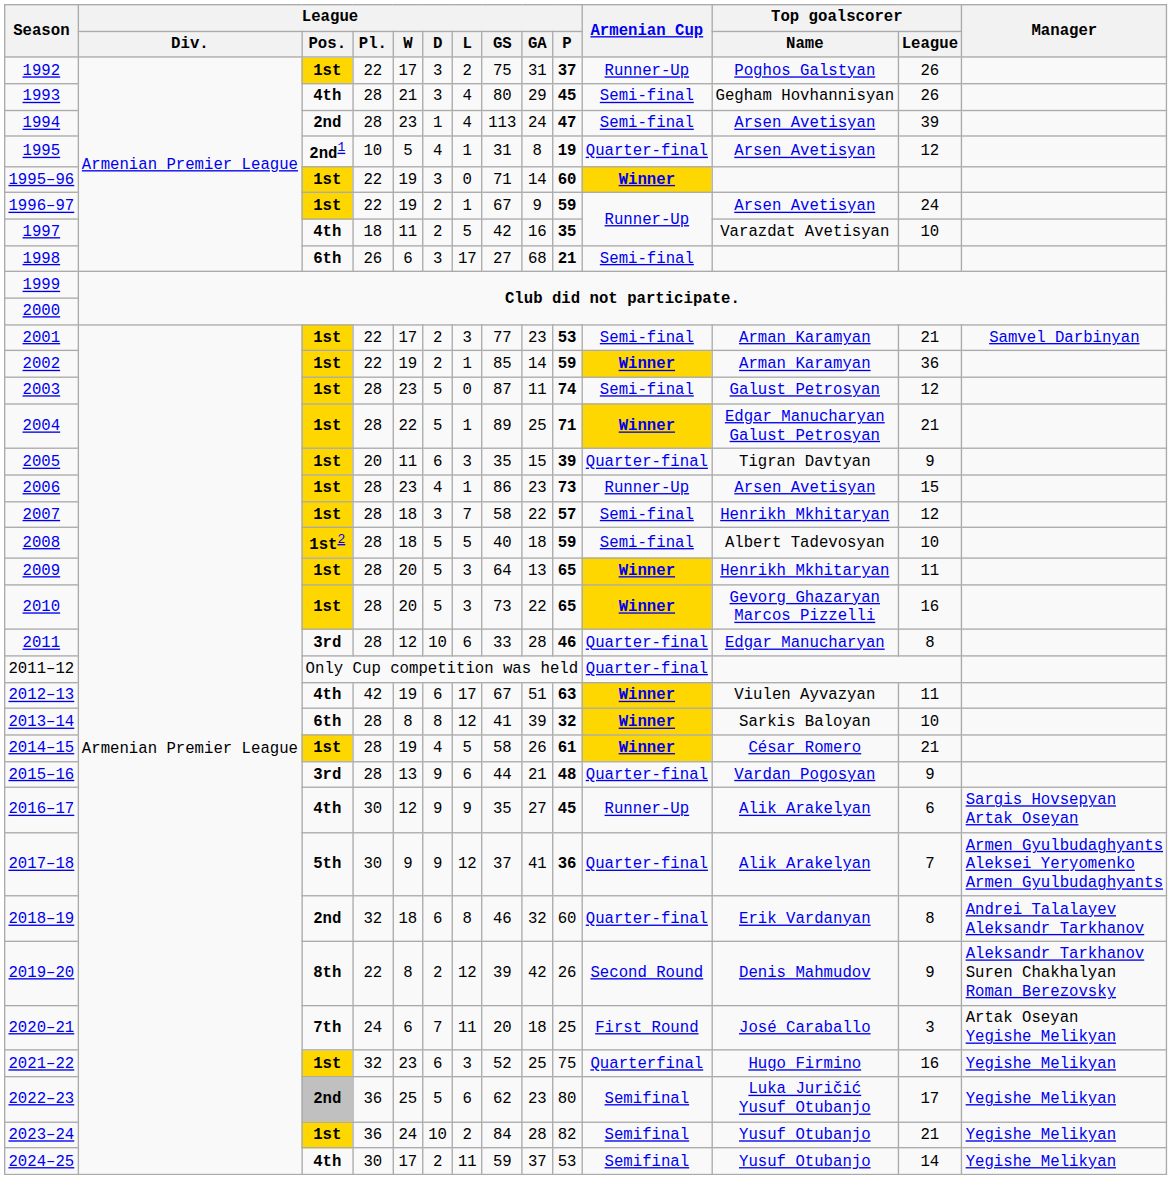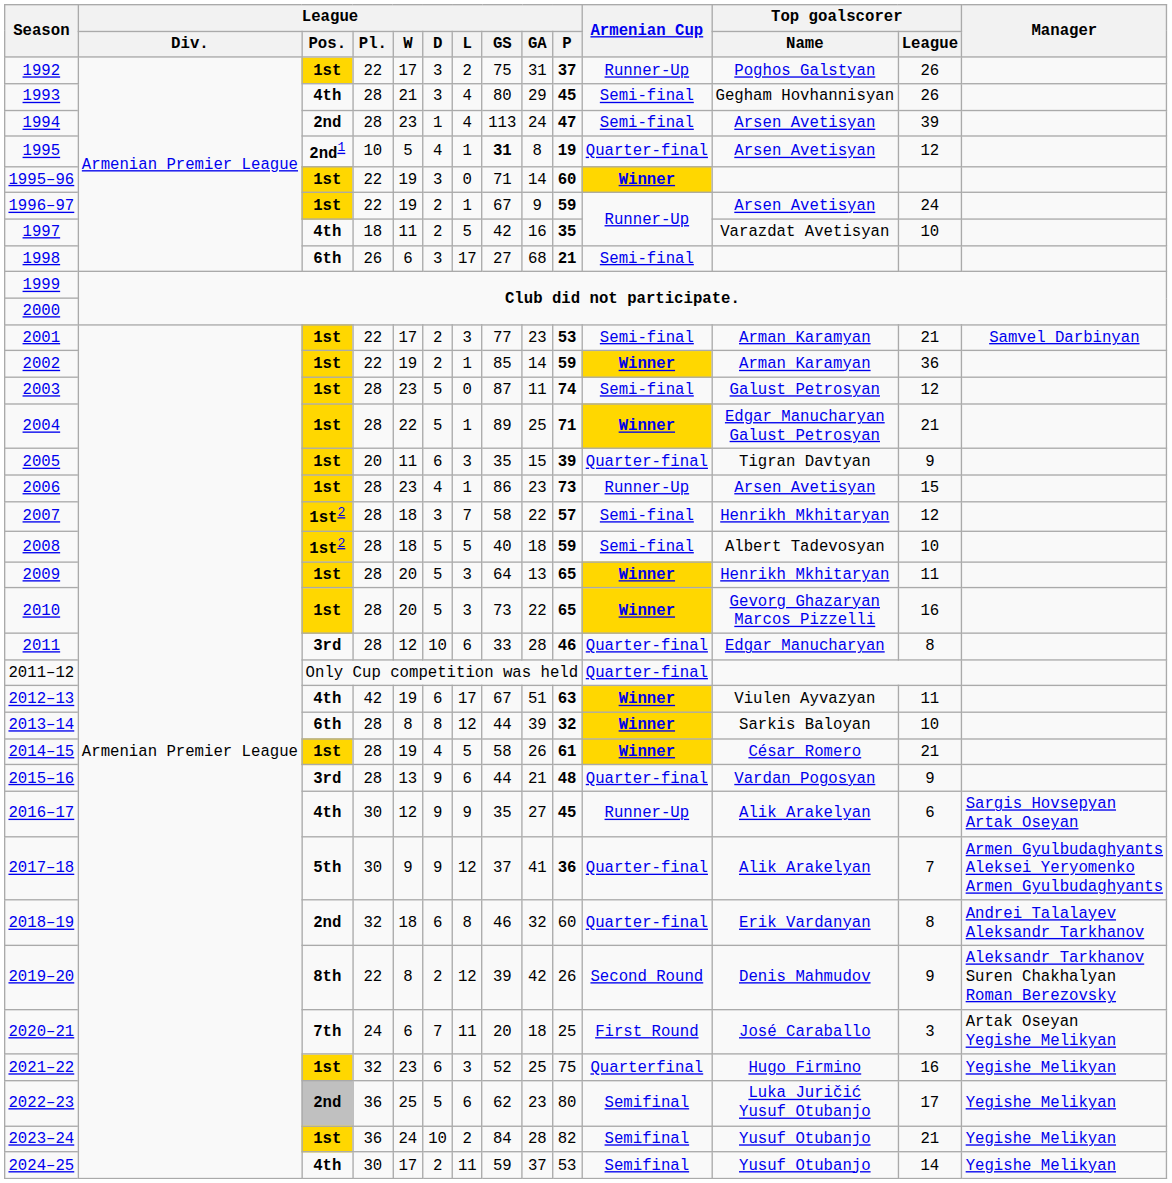 <table class="wikitable mw-collapsible mw-collapsed" align=center cellspacing="0" cellpadding="3" style="border:1px solid #AAAAAA;font-size:90%">
 <tr style="background:#efefef;">
 <th rowspan="2">Season</th>
 <th colspan="9">League</th>
 <th rowspan="2"><a href='#'>Armenian Cup</a></th>
 <th colspan="2">Top goalscorer</th>
 <th rowspan="2">Manager</th>
 </tr>
 <tr>
 <th>Div.</th>
 <th>Pos.</th>
 <th>Pl.</th>
 <th>W</th>
 <th>D</th>
 <th>L</th>
 <th>GS</th>
 <th>GA</th>
 <th>P</th>
 <th>Name</th>
 <th>League</th>
 </tr>
 <tr>
 <td align=center><a href='#'>1992</a></td>
 <td rowspan="8"><a href='#'>Armenian Premier League</a></td>
 <td style="text-align:center; background:gold;"><strong>1st</strong></td>
 <td align=center>22</td>
 <td align=center>17</td>
 <td align=center>3</td>
 <td align=center>2</td>
 <td align=center>75</td>
 <td align=center>31</td>
 <td align=center><strong>37</strong></td>
 <td align=center><a href='#'>Runner-Up</a></td>
 <td align=center><a href='#'>Poghos Galstyan</a></td>
 <td align=center>26</td>
 <td align=center></td>
 </tr>
 <tr>
 <td align=center><a href='#'>1993</a></td>
 <td align=center><strong>4th</strong></td>
 <td align=center>28</td>
 <td align=center>21</td>
 <td align=center>3</td>
 <td align=center>4</td>
 <td align=center>80</td>
 <td align=center>29</td>
 <td align=center><strong>45</strong></td>
 <td align=center><a href='#'>Semi-final</a></td>
 <td align=center>Gegham Hovhannisyan</td>
 <td align=center>26</td>
 <td align=center></td>
 </tr>
 <tr>
 <td align=center><a href='#'>1994</a></td>
 <td align=center><strong>2nd</strong></td>
 <td align=center>28</td>
 <td align=center>23</td>
 <td align=center>1</td>
 <td align=center>4</td>
 <td align=center>113</td>
 <td align=center>24</td>
 <td align=center><strong>47</strong></td>
 <td align=center><a href='#'>Semi-final</a></td>
 <td align=center><a href='#'>Arsen Avetisyan</a></td>
 <td align=center>39</td>
 <td align=center></td>
 </tr>
 <tr>
 <td align=center><a href='#'>1995</a></td>
 <td align=center><strong>2nd</strong><sup><a href='#'>1</a></sup></td>
 <td align=center>10</td>
 <td align=center>5</td>
 <td align=center>4</td>
 <td align=center>1</td>
-<td align=center>31</td>
+<td align=center><strong>31</strong></td>
 <td align=center>8</td>
 <td align=center><strong>19</strong></td>
 <td align=center><a href='#'>Quarter-final</a></td>
 <td align=center><a href='#'>Arsen Avetisyan</a></td>
 <td align=center>12</td>
 <td align=center></td>
 </tr>
 <tr>
 <td align=center><a href='#'>1995–96</a></td>
 <td style="text-align:center; background:gold;"><strong>1st</strong></td>
 <td align=center>22</td>
 <td align=center>19</td>
 <td align=center>3</td>
 <td align=center>0</td>
 <td align=center>71</td>
 <td align=center>14</td>
 <td align=center><strong>60</strong></td>
 <td style="text-align:center; background:gold;"><strong><a href='#'>Winner</a></strong></td>
 <td align=center></td>
 <td align=center></td>
 <td align=center></td>
 </tr>
 <tr>
 <td align=center><a href='#'>1996–97</a></td>
 <td style="text-align:center; background:gold;"><strong>1st</strong></td>
 <td align=center>22</td>
 <td align=center>19</td>
 <td align=center>2</td>
 <td align=center>1</td>
 <td align=center>67</td>
 <td align=center>9</td>
 <td align=center><strong>59</strong></td>
 <td rowspan="2" align=center><a href='#'>Runner-Up</a></td>
 <td align=center><a href='#'>Arsen Avetisyan</a></td>
 <td align=center>24</td>
 <td align=center></td>
 </tr>
 <tr>
 <td align=center><a href='#'>1997</a></td>
 <td align=center><strong>4th</strong></td>
 <td align=center>18</td>
 <td align=center>11</td>
 <td align=center>2</td>
 <td align=center>5</td>
 <td align=center>42</td>
 <td align=center>16</td>
 <td align=center><strong>35</strong></td>
 <td align=center>Varazdat Avetisyan</td>
 <td align=center>10</td>
 <td align=center></td>
 </tr>
 <tr>
 <td align=center><a href='#'>1998</a></td>
 <td align=center><strong>6th</strong></td>
 <td align=center>26</td>
 <td align=center>6</td>
 <td align=center>3</td>
 <td align=center>17</td>
 <td align=center>27</td>
 <td align=center>68</td>
 <td align=center><strong>21</strong></td>
 <td align=center><a href='#'>Semi-final</a></td>
 <td align=center></td>
 <td align=center></td>
 <td align=center></td>
 </tr>
 <tr>
 <td align=center><a href='#'>1999</a></td>
 <td rowspan="2" colspan="13" style="text-align:center"><strong>Club did not participate.</strong></td>
 </tr>
 <tr>
 <td align=center><a href='#'>2000</a></td>
 </tr>
 <tr>
 <td align=center><a href='#'>2001</a></td>
 <td rowspan="25">Armenian Premier League</td>
 <td style="text-align:center; background:gold;"><strong>1st</strong></td>
 <td align=center>22</td>
 <td align=center>17</td>
 <td align=center>2</td>
 <td align=center>3</td>
 <td align=center>77</td>
 <td align=center>23</td>
 <td align=center><strong>53</strong></td>
 <td align=center><a href='#'>Semi-final</a></td>
 <td align=center><a href='#'>Arman Karamyan</a></td>
 <td align=center>21</td>
 <td align=center> <a href='#'>Samvel Darbinyan</a></td>
 </tr>
 <tr>
 <td align=center><a href='#'>2002</a></td>
 <td style="text-align:center; background:gold;"><strong>1st</strong></td>
 <td align=center>22</td>
 <td align=center>19</td>
 <td align=center>2</td>
 <td align=center>1</td>
 <td align=center>85</td>
 <td align=center>14</td>
 <td align=center><strong>59</strong></td>
 <td style="text-align:center; background:gold;"><strong><a href='#'>Winner</a></strong></td>
 <td align=center><a href='#'>Arman Karamyan</a></td>
 <td align=center>36</td>
 <td align=center></td>
 </tr>
 <tr>
 <td align=center><a href='#'>2003</a></td>
 <td style="text-align:center; background:gold;"><strong>1st</strong></td>
 <td align=center>28</td>
 <td align=center>23</td>
 <td align=center>5</td>
 <td align=center>0</td>
 <td align=center>87</td>
 <td align=center>11</td>
 <td align=center><strong>74</strong></td>
 <td align=center><a href='#'>Semi-final</a></td>
 <td align=center><a href='#'>Galust Petrosyan</a></td>
 <td align=center>12</td>
 <td align=center></td>
 </tr>
 <tr>
 <td align=center><a href='#'>2004</a></td>
 <td style="text-align:center; background:gold;"><strong>1st</strong></td>
 <td align=center>28</td>
 <td align=center>22</td>
 <td align=center>5</td>
 <td align=center>1</td>
 <td align=center>89</td>
 <td align=center>25</td>
 <td align=center><strong>71</strong></td>
 <td style="text-align:center; background:gold;"><strong><a href='#'>Winner</a></strong></td>
 <td align=center><a href='#'>Edgar Manucharyan</a> <br> <a href='#'>Galust Petrosyan</a></td>
 <td align=center>21</td>
 <td align=center></td>
 </tr>
 <tr>
 <td align=center><a href='#'>2005</a></td>
 <td style="text-align:center; background:gold;"><strong>1st</strong></td>
 <td align=center>20</td>
 <td align=center>11</td>
 <td align=center>6</td>
 <td align=center>3</td>
 <td align=center>35</td>
 <td align=center>15</td>
 <td align=center><strong>39</strong></td>
 <td align=center><a href='#'>Quarter-final</a></td>
 <td align=center>Tigran Davtyan</td>
 <td align=center>9</td>
 <td align=center></td>
 </tr>
 <tr>
 <td align=center><a href='#'>2006</a></td>
 <td style="text-align:center; background:gold;"><strong>1st</strong></td>
 <td align=center>28</td>
 <td align=center>23</td>
 <td align=center>4</td>
 <td align=center>1</td>
 <td align=center>86</td>
 <td align=center>23</td>
 <td align=center><strong>73</strong></td>
 <td align=center><a href='#'>Runner-Up</a></td>
 <td align=center><a href='#'>Arsen Avetisyan</a></td>
 <td align=center>15</td>
 <td align=center></td>
 </tr>
 <tr>
 <td align=center><a href='#'>2007</a></td>
-<td style="text-align:center; background:gold;"><strong>1st</strong></td>
+<td style="text-align:center; background:gold;"><strong>1st</strong><sup><a href='#'>2</a></sup></td>
 <td align=center>28</td>
 <td align=center>18</td>
 <td align=center>3</td>
 <td align=center>7</td>
 <td align=center>58</td>
 <td align=center>22</td>
 <td align=center><strong>57</strong></td>
 <td align=center><a href='#'>Semi-final</a></td>
 <td align=center><a href='#'>Henrikh Mkhitaryan</a></td>
 <td align=center>12</td>
 <td align=center></td>
 </tr>
 <tr>
 <td align=center><a href='#'>2008</a></td>
 <td style="text-align:center; background:gold;"><strong>1st</strong><sup><a href='#'>2</a></sup></td>
 <td align=center>28</td>
 <td align=center>18</td>
 <td align=center>5</td>
 <td align=center>5</td>
 <td align=center>40</td>
 <td align=center>18</td>
 <td align=center><strong>59</strong></td>
 <td align=center><a href='#'>Semi-final</a></td>
 <td align=center>Albert Tadevosyan</td>
 <td align=center>10</td>
 <td align=center></td>
 </tr>
 <tr>
 <td align=center><a href='#'>2009</a></td>
 <td style="text-align:center; background:gold;"><strong>1st</strong></td>
 <td align=center>28</td>
 <td align=center>20</td>
 <td align=center>5</td>
 <td align=center>3</td>
 <td align=center>64</td>
 <td align=center>13</td>
 <td align=center><strong>65</strong></td>
 <td style="text-align:center; background:gold;"><strong><a href='#'>Winner</a></strong></td>
 <td align=center><a href='#'>Henrikh Mkhitaryan</a></td>
 <td align=center>11</td>
 <td align=center></td>
 </tr>
 <tr>
 <td align=center><a href='#'>2010</a></td>
 <td style="text-align:center; background:gold;"><strong>1st</strong></td>
 <td align=center>28</td>
 <td align=center>20</td>
 <td align=center>5</td>
 <td align=center>3</td>
 <td align=center>73</td>
 <td align=center>22</td>
 <td align=center><strong>65</strong></td>
 <td style="text-align:center; background:gold;"><strong><a href='#'>Winner</a></strong></td>
 <td align=center><a href='#'>Gevorg Ghazaryan</a> <br> <a href='#'>Marcos Pizzelli</a></td>
 <td align=center>16</td>
 <td align=center></td>
 </tr>
 <tr>
 <td align=center><a href='#'>2011</a></td>
 <td align=center><strong>3rd</strong></td>
 <td align=center>28</td>
 <td align=center>12</td>
 <td align=center>10</td>
 <td align=center>6</td>
 <td align=center>33</td>
 <td align=center>28</td>
 <td align=center><strong>46</strong></td>
 <td align=center><a href='#'>Quarter-final</a></td>
 <td align=center><a href='#'>Edgar Manucharyan</a></td>
 <td align=center>8</td>
 <td align=center></td>
 </tr>
 <tr>
 <td align=center>2011–12</td>
 <td colspan="8"; align=center>Only Cup competition was held</td>
 <td align=center><a href='#'>Quarter-final</a></td>
 <td colspan="2"></td>
 <td align=center></td>
 </tr>
 <tr>
 <td align=center><a href='#'>2012–13</a></td>
 <td align=center><strong>4th</strong></td>
 <td align=center>42</td>
 <td align=center>19</td>
 <td align=center>6</td>
 <td align=center>17</td>
 <td align=center>67</td>
 <td align=center>51</td>
 <td align=center><strong>63</strong></td>
 <td style="text-align:center; background:gold;"><strong><a href='#'>Winner</a></strong></td>
 <td align=center>Viulen Ayvazyan</td>
 <td align=center>11</td>
 <td align=center></td>
 </tr>
 <tr>
 <td align=center><a href='#'>2013–14</a></td>
 <td align=center><strong>6th</strong></td>
 <td align=center>28</td>
 <td align=center>8</td>
 <td align=center>8</td>
 <td align=center>12</td>
-<td align=center>41</td>
+<td align=center>44</td>
 <td align=center>39</td>
 <td align=center><strong>32</strong></td>
 <td style="text-align:center; background:gold;"><strong><a href='#'>Winner</a></strong></td>
 <td align=center>Sarkis Baloyan</td>
 <td align=center>10</td>
 <td align=center></td>
 </tr>
 <tr>
 <td align=center><a href='#'>2014–15</a></td>
 <td style="text-align:center; background:gold;"><strong>1st</strong></td>
 <td align=center>28</td>
 <td align=center>19</td>
 <td align=center>4</td>
 <td align=center>5</td>
 <td align=center>58</td>
 <td align=center>26</td>
 <td align=center><strong>61</strong></td>
 <td style="text-align:center; background:gold;"><strong><a href='#'>Winner</a></strong></td>
 <td align=center><a href='#'>César Romero</a></td>
 <td align=center>21</td>
 <td align=center></td>
 </tr>
 <tr>
 <td align=center><a href='#'>2015–16</a></td>
 <td align=center><strong>3rd</strong></td>
 <td align=center>28</td>
 <td align=center>13</td>
 <td align=center>9</td>
 <td align=center>6</td>
 <td align=center>44</td>
 <td align=center>21</td>
 <td align=center><strong>48</strong></td>
 <td align=center><a href='#'>Quarter-final</a></td>
 <td align=center><a href='#'>Vardan Pogosyan</a></td>
 <td align=center>9</td>
 <td align=center></td>
 </tr>
 <tr>
 <td align=center><a href='#'>2016–17</a></td>
 <td align=center><strong>4th</strong></td>
 <td align=center>30</td>
 <td align=center>12</td>
 <td align=center>9</td>
 <td align=center>9</td>
 <td align=center>35</td>
 <td align=center>27</td>
 <td align=center><strong>45</strong></td>
 <td align=center><a href='#'>Runner-Up</a></td>
 <td align=center><a href='#'>Alik Arakelyan</a></td>
 <td align=center>6</td>
 <td align=left> <a href='#'>Sargis Hovsepyan</a> <br>  <a href='#'>Artak Oseyan</a></td>
 </tr>
 <tr>
 <td align=center><a href='#'>2017–18</a></td>
 <td align=center><strong>5th</strong></td>
 <td align=center>30</td>
 <td align=center>9</td>
 <td align=center>9</td>
 <td align=center>12</td>
 <td align=center>37</td>
 <td align=center>41</td>
 <td align=center><strong>36</strong></td>
 <td align=center><a href='#'>Quarter-final</a></td>
 <td align=center><a href='#'>Alik Arakelyan</a></td>
 <td align=center>7</td>
 <td align=left> <a href='#'>Armen Gyulbudaghyants</a> <br>  <a href='#'>Aleksei Yeryomenko</a> <br>  <a href='#'>Armen Gyulbudaghyants</a></td>
 </tr>
 <tr>
 <td align=center><a href='#'>2018–19</a></td>
 <td align=center><strong>2nd</strong></td>
 <td align=center>32</td>
 <td align=center>18</td>
 <td align=center>6</td>
 <td align=center>8</td>
 <td align=center>46</td>
 <td align=center>32</td>
 <td align=center>60</td>
 <td align=center><a href='#'>Quarter-final</a></td>
 <td align=center><a href='#'>Erik Vardanyan</a></td>
 <td align=center>8</td>
 <td align=left> <a href='#'>Andrei Talalayev</a> <br>  <a href='#'>Aleksandr Tarkhanov</a></td>
 </tr>
 <tr>
 <td align=center><a href='#'>2019–20</a></td>
 <td align=center><strong>8th</strong></td>
 <td align=center>22</td>
 <td align=center>8</td>
 <td align=center>2</td>
 <td align=center>12</td>
 <td align=center>39</td>
 <td align=center>42</td>
 <td align=center>26</td>
 <td align=center><a href='#'>Second Round</a></td>
 <td align=center><a href='#'>Denis Mahmudov</a></td>
 <td align=center>9</td>
 <td align=left> <a href='#'>Aleksandr Tarkhanov</a> <br>  Suren Chakhalyan  <br>  <a href='#'>Roman Berezovsky</a></td>
 </tr>
 <tr>
 <td align=center><a href='#'>2020–21</a></td>
 <td align=center><strong>7th</strong></td>
 <td align=center>24</td>
 <td align=center>6</td>
 <td align=center>7</td>
 <td align=center>11</td>
 <td align=center>20</td>
 <td align=center>18</td>
 <td align=center>25</td>
 <td align=center><a href='#'>First Round</a></td>
 <td align=center><a href='#'>José Caraballo</a></td>
 <td align=center>3</td>
 <td align=left> Artak Oseyan <br>  <a href='#'>Yegishe Melikyan</a></td>
 </tr>
 <tr>
 <td align=center><a href='#'>2021–22</a></td>
 <td style="text-align:center; background:gold;"><strong>1st</strong></td>
 <td align=center>32</td>
 <td align=center>23</td>
 <td align=center>6</td>
 <td align=center>3</td>
 <td align=center>52</td>
 <td align=center>25</td>
 <td align=center>75</td>
 <td align=center><a href='#'>Quarterfinal</a></td>
 <td align=center><a href='#'>Hugo Firmino</a></td>
 <td align=center>16</td>
 <td align=left> <a href='#'>Yegishe Melikyan</a></td>
 </tr>
 <tr>
 <td align=center><a href='#'>2022–23</a></td>
 <td style="text-align:center; background:silver;"><strong>2nd</strong></td>
 <td align=center>36</td>
 <td align=center>25</td>
 <td align=center>5</td>
 <td align=center>6</td>
 <td align=center>62</td>
 <td align=center>23</td>
 <td align=center>80</td>
 <td align=center><a href='#'>Semifinal</a></td>
 <td align=center><a href='#'>Luka Juričić</a> <br> <a href='#'>Yusuf Otubanjo</a></td>
 <td align=center>17</td>
 <td align=left> <a href='#'>Yegishe Melikyan</a></td>
 </tr>
 <tr>
 <td align=center><a href='#'>2023–24</a></td>
 <td style="text-align:center; background:gold;"><strong>1st</strong></td>
 <td align=center>36</td>
 <td align=center>24</td>
 <td align=center>10</td>
 <td align=center>2</td>
 <td align=center>84</td>
 <td align=center>28</td>
 <td align=center>82</td>
 <td align=center><a href='#'>Semifinal</a></td>
 <td align=center><a href='#'>Yusuf Otubanjo</a></td>
 <td align=center>21</td>
 <td align=left> <a href='#'>Yegishe Melikyan</a></td>
 </tr>
 <tr>
 <td align=center><a href='#'>2024–25</a></td>
 <td align=center><strong>4th</strong></td>
 <td align=center>30</td>
 <td align=center>17</td>
 <td align=center>2</td>
 <td align=center>11</td>
 <td align=center>59</td>
 <td align=center>37</td>
 <td align=center>53</td>
 <td align=center><a href='#'>Semifinal</a></td>
 <td align=center><a href='#'>Yusuf Otubanjo</a></td>
 <td align=center>14</td>
 <td align=left> <a href='#'>Yegishe Melikyan</a></td>
 </tr>
 </table>
